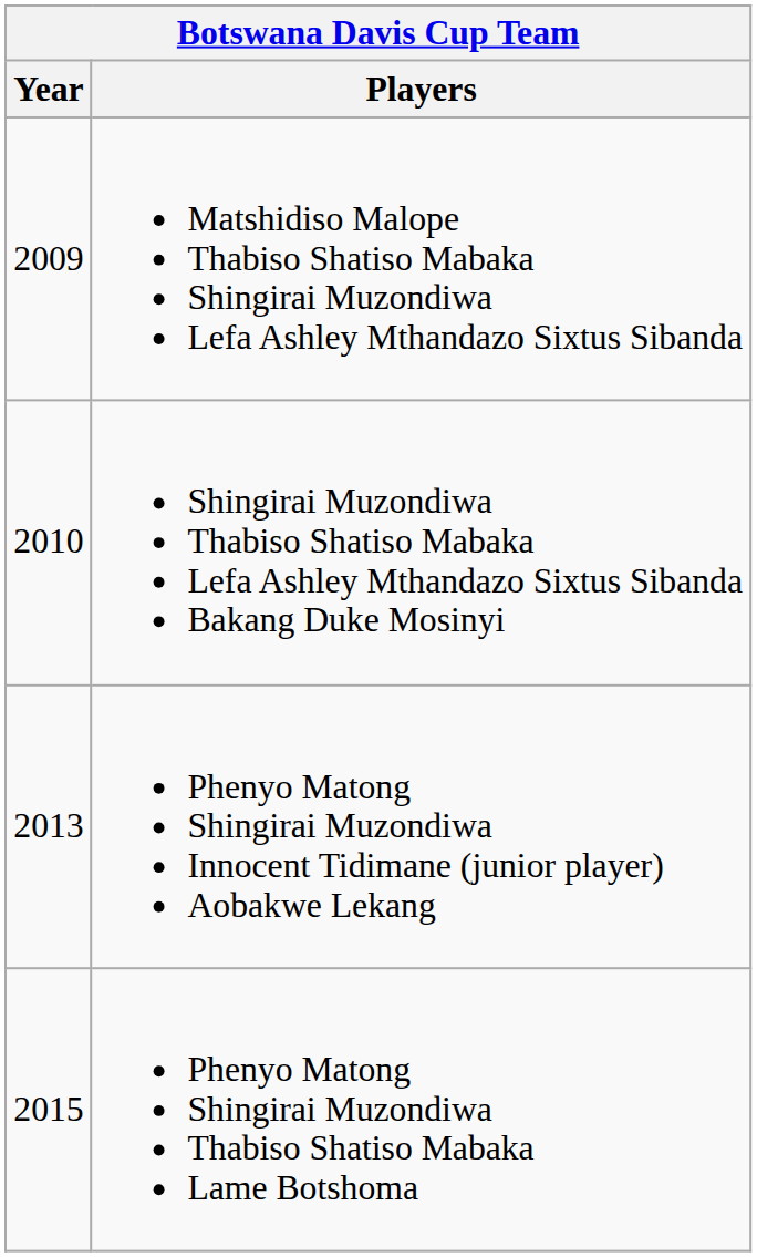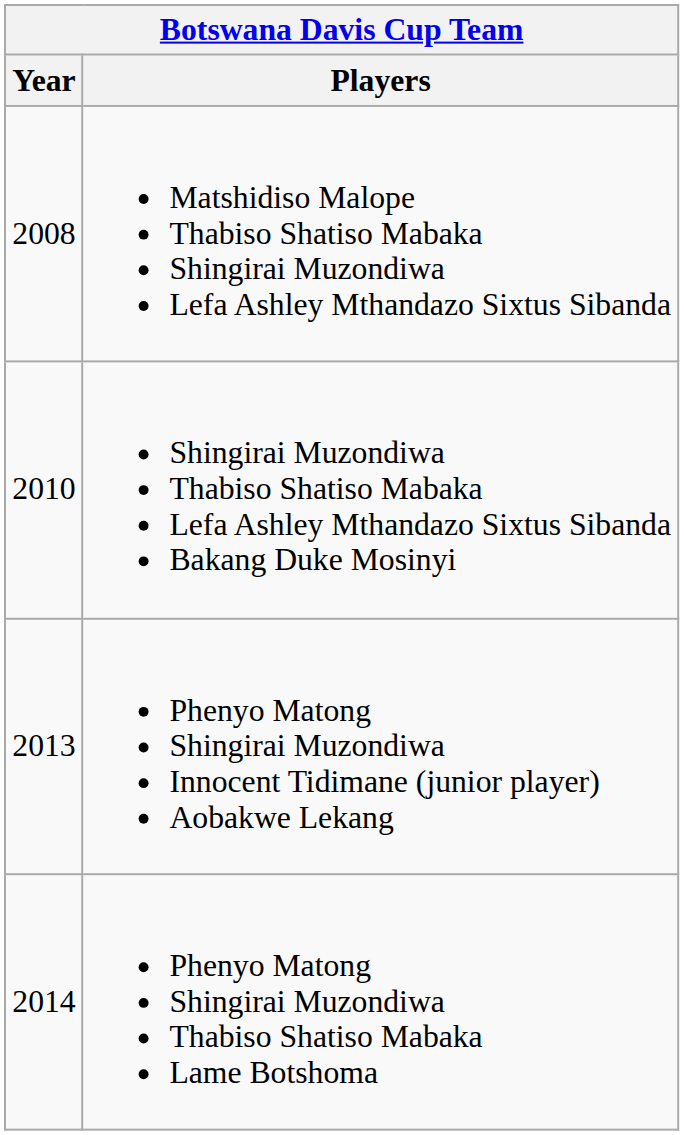 <table class="wikitable">
 <tr>
 <th colspan="2"><a href='#'>Botswana Davis Cup Team</a></th>
 </tr>
 <tr>
 <th>Year</th>
 <th>Players</th>
 </tr>
 <tr>
-<td>2009</td>
+<td>2008</td>
 <td><br><ul><li>Matshidiso Malope</li><li>Thabiso Shatiso Mabaka</li><li>Shingirai Muzondiwa</li><li>Lefa Ashley Mthandazo Sixtus Sibanda</li></ul></td>
 </tr>
 <tr>
 <td>2010</td>
 <td><br><ul><li>Shingirai Muzondiwa</li><li>Thabiso Shatiso Mabaka</li><li>Lefa Ashley Mthandazo Sixtus Sibanda</li><li>Bakang Duke Mosinyi</li></ul></td>
 </tr>
 <tr>
 <td>2013</td>
 <td><br><ul><li>Phenyo Matong</li><li>Shingirai Muzondiwa</li><li>Innocent Tidimane (junior player)</li><li>Aobakwe Lekang</li></ul></td>
 </tr>
 <tr>
-<td>2015</td>
+<td>2014</td>
 <td><br><ul><li>Phenyo Matong</li><li>Shingirai Muzondiwa</li><li>Thabiso Shatiso Mabaka</li><li>Lame Botshoma</li></ul></td>
 </tr>
 </table>
